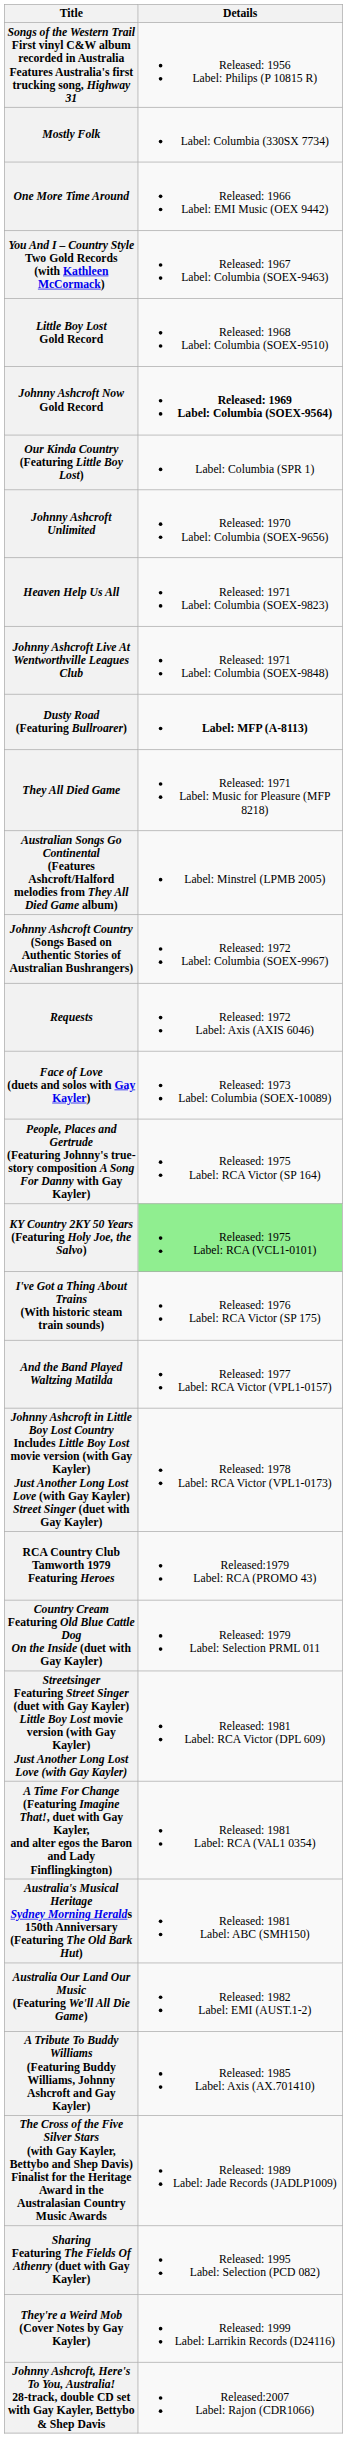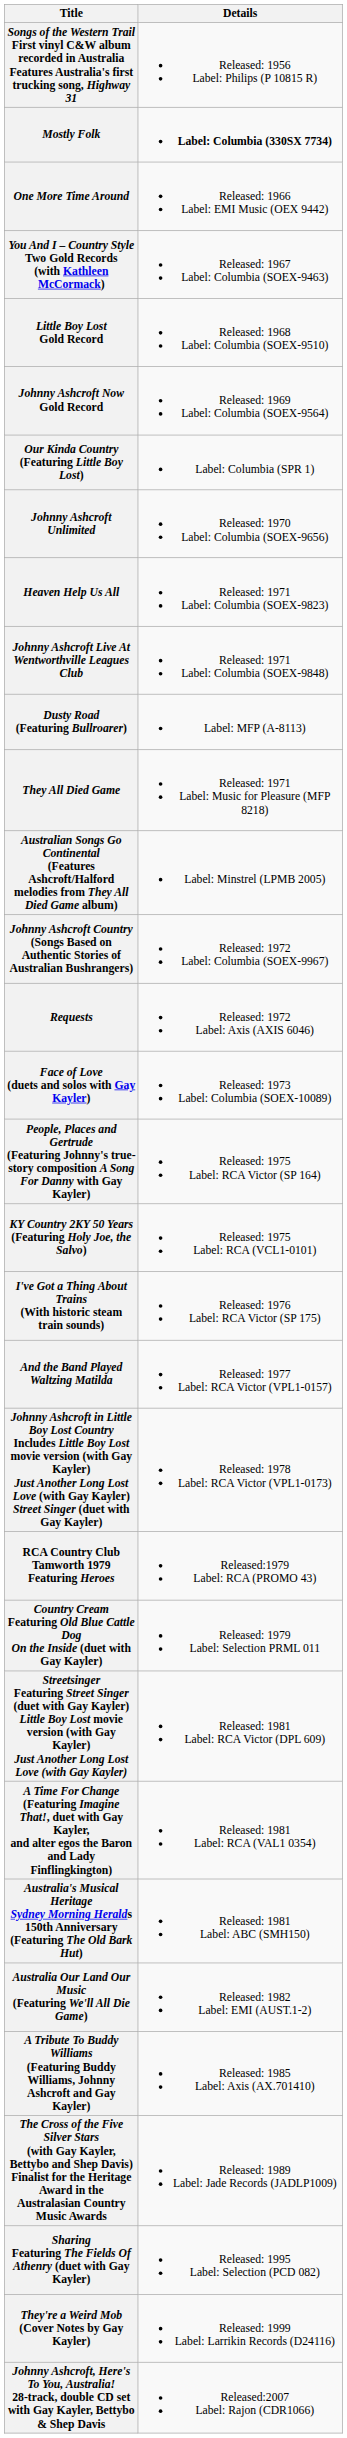 <table class="wikitable plainrowheaders" style="text-align:center;" border="1">
 <tr>
 <th scope="col" style="width:11em;">Title</th>
 <th scope="col" style="width:17em;">Details</th>
 </tr>
 <tr>
 <th scope="row"><em>Songs of the Western Trail</em><br>First vinyl C&W album recorded in Australia <br> Features Australia's first trucking song, <em>Highway 31</em></th>
 <td><br><ul><li>Released: 1956</li><li>Label: Philips (P 10815 R)</li></ul></td>
 </tr>
 <tr>
 <th scope="row"><em>Mostly Folk</em></th>
-<td><br><ul><li>Label: Columbia (330SX 7734)</li></ul></td>
+<td><strong><br><ul><li>Label: Columbia (330SX 7734)</li></ul></strong></td>
 </tr>
 <tr>
 <th scope="row"><em>One More Time Around</em></th>
 <td><br><ul><li>Released: 1966</li><li>Label: EMI Music (OEX 9442)</li></ul></td>
 </tr>
 <tr>
 <th scope="row"><em>You And I – Country Style</em> <br> Two Gold Records <br> (with <a href='#'>Kathleen McCormack</a>)</th>
 <td><br><ul><li>Released: 1967</li><li>Label: Columbia (SOEX-9463)</li></ul></td>
 </tr>
 <tr>
 <th scope="row"><em>Little Boy Lost</em> <br> Gold Record</th>
 <td><br><ul><li>Released: 1968</li><li>Label: Columbia (SOEX-9510)</li></ul></td>
 </tr>
 <tr>
 <th scope="row"><em>Johnny Ashcroft Now</em> <br> Gold Record</th>
-<td><strong><br><ul><li>Released: 1969</li><li>Label: Columbia (SOEX-9564)</li></ul></strong></td>
+<td><br><ul><li>Released: 1969</li><li>Label: Columbia (SOEX-9564)</li></ul></td>
 </tr>
 <tr>
 <th scope="row"><em>Our Kinda Country</em><br>(Featuring <em>Little Boy Lost</em>)</th>
 <td><br><ul><li>Label: Columbia (SPR 1)</li></ul></td>
 </tr>
 <tr>
 <th scope="row"><em>Johnny Ashcroft Unlimited</em></th>
 <td><br><ul><li>Released: 1970</li><li>Label: Columbia (SOEX-9656)</li></ul></td>
 </tr>
 <tr>
 <th scope="row"><em>Heaven Help Us All</em></th>
 <td><br><ul><li>Released: 1971</li><li>Label: Columbia (SOEX-9823)</li></ul></td>
 </tr>
 <tr>
 <th scope="row"><em>Johnny Ashcroft Live At Wentworthville Leagues Club</em></th>
 <td><br><ul><li>Released: 1971</li><li>Label: Columbia (SOEX-9848)</li></ul></td>
 </tr>
 <tr>
 <th scope="row"><em>Dusty Road</em><br>(Featuring <em>Bullroarer</em>)</th>
-<td><strong><br><ul><li>Label: MFP (A-8113)</li></ul></strong></td>
+<td><br><ul><li>Label: MFP (A-8113)</li></ul></td>
 </tr>
 <tr>
 <th scope="row"><em>They All Died Game</em></th>
 <td><br><ul><li>Released: 1971</li><li>Label: Music for Pleasure (MFP 8218)</li></ul></td>
 </tr>
 <tr>
 <th scope="row"><em>Australian Songs Go Continental</em><br>(Features Ashcroft/Halford melodies from <em>They All Died Game</em> album)</th>
 <td><br><ul><li>Label: Minstrel (LPMB 2005)</li></ul></td>
 </tr>
 <tr>
 <th scope="row"><em>Johnny Ashcroft Country</em><br>(Songs Based on Authentic Stories of Australian Bushrangers)</th>
 <td><br><ul><li>Released: 1972</li><li>Label: Columbia (SOEX-9967)</li></ul></td>
 </tr>
 <tr>
 <th scope="row"><em>Requests</em></th>
 <td><br><ul><li>Released: 1972</li><li>Label: Axis (AXIS 6046)</li></ul></td>
 </tr>
 <tr>
 <th scope="row"><em>Face of Love</em> <br> (duets and solos with <a href='#'>Gay Kayler</a>)</th>
 <td><br><ul><li>Released: 1973</li><li>Label: Columbia (SOEX-10089)</li></ul></td>
 </tr>
 <tr>
 <th scope="row"><em>People, Places and Gertrude</em><br>(Featuring Johnny's true-story composition <em>A Song For Danny</em> with Gay Kayler)</th>
 <td><br><ul><li>Released: 1975</li><li>Label: RCA Victor (SP 164)</li></ul></td>
 </tr>
 <tr>
 <th scope="row"><em>KY Country 2KY 50 Years</em><br>(Featuring <em>Holy Joe, the Salvo</em>)</th>
-<td style="background: lightgreen;"><br><ul><li>Released: 1975</li><li>Label: RCA (VCL1-0101)</li></ul></td>
+<td><br><ul><li>Released: 1975</li><li>Label: RCA (VCL1-0101)</li></ul></td>
 </tr>
 <tr>
 <th scope="row"><em>I've Got a Thing About Trains</em><br>(With historic steam train sounds)</th>
 <td><br><ul><li>Released: 1976</li><li>Label: RCA Victor (SP 175)</li></ul></td>
 </tr>
 <tr>
 <th scope="row"><em>And the Band Played Waltzing Matilda</em></th>
 <td><br><ul><li>Released: 1977</li><li>Label: RCA Victor (VPL1-0157)</li></ul></td>
 </tr>
 <tr>
 <th scope="row"><em>Johnny Ashcroft in Little Boy Lost Country</em><br>Includes <em>Little Boy Lost</em> movie version (with Gay Kayler) <br> <em>Just Another Long Lost Love</em> (with Gay Kayler) <br> <em>Street Singer</em> (duet with Gay Kayler)</th>
 <td><br><ul><li>Released: 1978</li><li>Label: RCA Victor (VPL1-0173)</li></ul></td>
 </tr>
 <tr>
 <th scope="row">RCA Country Club Tamworth 1979<br>Featuring <em>Heroes</em></th>
 <td><br><ul><li>Released:1979</li><li>Label: RCA (PROMO 43)</li></ul></td>
 </tr>
 <tr>
 <th scope="row"><em>Country Cream</em><br>Featuring <em>Old Blue Cattle Dog</em> <br> <em>On the Inside</em> (duet with Gay Kayler)</th>
 <td><br><ul><li>Released: 1979</li><li>Label: Selection PRML 011</li></ul></td>
 </tr>
 <tr>
 <th scope="row"><em>Streetsinger</em><br>Featuring <em>Street Singer</em> (duet with Gay Kayler) <br> <em>Little Boy Lost</em> movie version (with Gay Kayler) <br> <em>Just Another Long Lost Love (with Gay Kayler)</em></th>
 <td><br><ul><li>Released: 1981</li><li>Label: RCA Victor (DPL 609)</li></ul></td>
 </tr>
 <tr>
 <th scope="row"><em>A Time For Change</em><br>(Featuring <em>Imagine That!</em>, duet with Gay Kayler, <br> and alter egos the Baron and Lady Finflingkington)</th>
 <td><br><ul><li>Released: 1981</li><li>Label: RCA (VAL1 0354)</li></ul></td>
 </tr>
 <tr>
 <th scope="row"><em>Australia's Musical Heritage</em><br><em><a href='#'>Sydney Morning Herald</a></em>s 150th Anniversary <br> (Featuring <em>The Old Bark Hut</em>)</th>
 <td><br><ul><li>Released: 1981</li><li>Label: ABC (SMH150)</li></ul></td>
 </tr>
 <tr>
 <th scope="row"><em>Australia Our Land Our Music</em><br>(Featuring <em>We'll All Die Game</em>)</th>
 <td><br><ul><li>Released: 1982</li><li>Label: EMI (AUST.1-2)</li></ul></td>
 </tr>
 <tr>
 <th scope="row"><em>A Tribute To Buddy Williams</em><br>(Featuring Buddy Williams, Johnny Ashcroft and Gay Kayler)</th>
 <td><br><ul><li>Released: 1985</li><li>Label: Axis (AX.701410)</li></ul></td>
 </tr>
 <tr>
 <th scope="row"><em>The Cross of the Five Silver Stars</em> <br> (with Gay Kayler, Bettybo and Shep Davis)<br>Finalist for the Heritage Award in the Australasian Country Music Awards</th>
 <td><br><ul><li>Released: 1989</li><li>Label: Jade Records (JADLP1009)</li></ul></td>
 </tr>
 <tr>
 <th scope="row"><em>Sharing</em> <br> Featuring <em>The Fields Of Athenry</em> (duet with Gay Kayler)</th>
 <td><br><ul><li>Released: 1995</li><li>Label: Selection (PCD 082)</li></ul></td>
 </tr>
 <tr>
 <th scope="row"><em>They're a Weird Mob</em><br>(Cover Notes by Gay Kayler)</th>
 <td><br><ul><li>Released: 1999</li><li>Label: Larrikin Records (D24116)</li></ul></td>
 </tr>
 <tr>
 <th scope="row"><em>Johnny Ashcroft, Here's To You, Australia!</em><br>28-track, double CD set with Gay Kayler, Bettybo & Shep Davis</th>
 <td><br><ul><li>Released:2007</li><li>Label: Rajon (CDR1066)</li></ul></td>
 </tr>
 </table>
